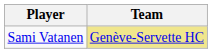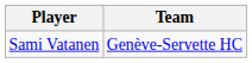 <table class="wikitable plainrowheaders">
 <tr>
 <th scope="col">Player</th>
 <th scope="col">Team</th>
 </tr>
 <tr>
 <td> <a href='#'>Sami Vatanen</a></td>
-<td style="background: khaki;"> <a href='#'>Genève-Servette HC</a></td>
+<td> <a href='#'>Genève-Servette HC</a></td>
 </tr>
 </table>
